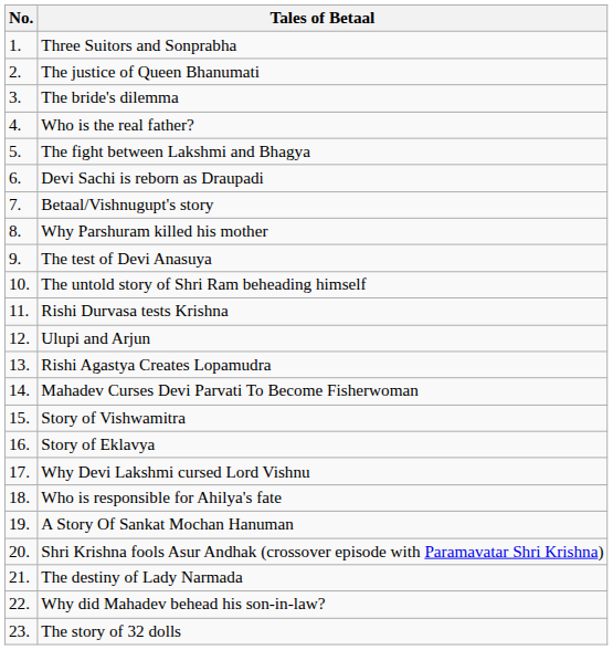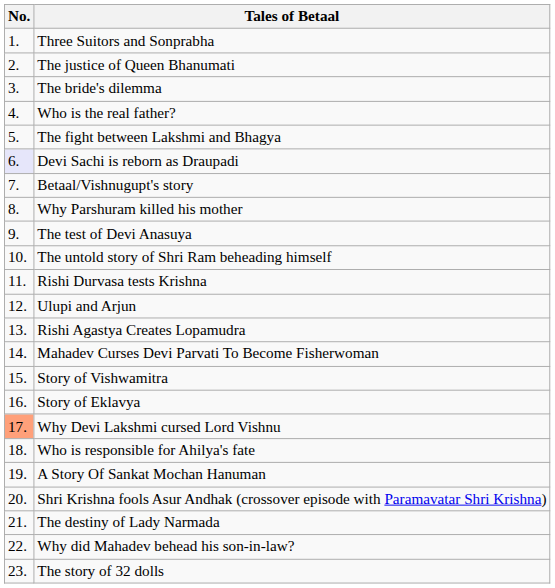 <table class="wikitable" "text-align:center;">
 <tr>
 <th>No.</th>
 <th>Tales of Betaal</th>
 </tr>
 <tr>
 <td>1.</td>
 <td>Three Suitors and Sonprabha</td>
 </tr>
 <tr>
 <td>2.</td>
 <td>The justice of Queen Bhanumati</td>
 </tr>
 <tr>
 <td>3.</td>
 <td>The bride's dilemma</td>
 </tr>
 <tr>
 <td>4.</td>
 <td>Who is the real father?</td>
 </tr>
 <tr>
 <td>5.</td>
 <td>The fight between Lakshmi and Bhagya</td>
 </tr>
 <tr>
-<td>6.</td>
+<td style="background: lavender;">6.</td>
 <td>Devi Sachi is reborn as Draupadi</td>
 </tr>
 <tr>
 <td>7.</td>
 <td>Betaal/Vishnugupt's story</td>
 </tr>
 <tr>
 <td>8.</td>
 <td>Why Parshuram killed his mother</td>
 </tr>
 <tr>
 <td>9.</td>
 <td>The test of Devi Anasuya</td>
 </tr>
 <tr>
 <td>10.</td>
 <td>The untold story of Shri Ram beheading himself</td>
 </tr>
 <tr>
 <td>11.</td>
 <td>Rishi Durvasa tests Krishna</td>
 </tr>
 <tr>
 <td>12.</td>
 <td>Ulupi and Arjun</td>
 </tr>
 <tr>
 <td>13.</td>
 <td>Rishi Agastya Creates Lopamudra</td>
 </tr>
 <tr>
 <td>14.</td>
 <td>Mahadev Curses Devi Parvati To Become Fisherwoman</td>
 </tr>
 <tr>
 <td>15.</td>
 <td>Story of Vishwamitra</td>
 </tr>
 <tr>
 <td>16.</td>
 <td>Story of Eklavya</td>
 </tr>
 <tr>
-<td>17.</td>
+<td style="background: lightsalmon;">17.</td>
 <td>Why Devi Lakshmi cursed Lord Vishnu</td>
 </tr>
 <tr>
 <td>18.</td>
 <td>Who is responsible for Ahilya's fate</td>
 </tr>
 <tr>
 <td>19.</td>
 <td>A Story Of Sankat Mochan Hanuman</td>
 </tr>
 <tr>
 <td>20.</td>
 <td>Shri Krishna fools Asur Andhak (crossover episode with <a href='#'>Paramavatar Shri Krishna</a>)</td>
 </tr>
 <tr>
 <td>21.</td>
 <td>The destiny of Lady Narmada</td>
 </tr>
 <tr>
 <td>22.</td>
 <td>Why did Mahadev behead his son-in-law?</td>
 </tr>
 <tr>
 <td>23.</td>
 <td>The story of 32 dolls</td>
 </tr>
 </table>
